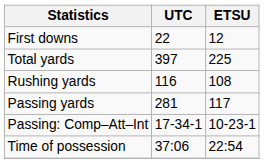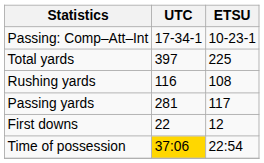 <table class="wikitable" style="float: left;">
 <tr>
 <th>Statistics</th>
 <th>UTC</th>
 <th>ETSU</th>
 </tr>
 <tr>
-<td>First downs</td>
-<td>22</td>
-<td>12</td>
+<td>Passing: Comp–Att–Int</td>
+<td>17-34-1</td>
+<td>10-23-1</td>
 </tr>
 <tr>
 <td>Total yards</td>
 <td>397</td>
 <td>225</td>
 </tr>
 <tr>
 <td>Rushing yards</td>
 <td>116</td>
 <td>108</td>
 </tr>
 <tr>
 <td>Passing yards</td>
 <td>281</td>
 <td>117</td>
 </tr>
 <tr>
-<td>Passing: Comp–Att–Int</td>
-<td>17-34-1</td>
-<td>10-23-1</td>
+<td>First downs</td>
+<td>22</td>
+<td>12</td>
 </tr>
 <tr>
 <td>Time of possession</td>
-<td>37:06</td>
+<td style="background: gold;">37:06</td>
 <td>22:54</td>
 </tr>
 <tr>
 </tr>
 </table>
